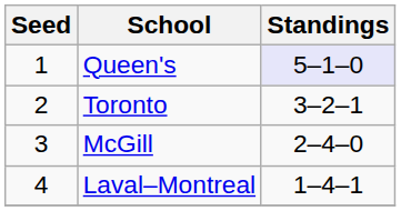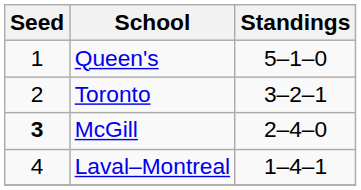 <table class="wikitable">
 <tr>
 <th>Seed</th>
 <th>School</th>
 <th>Standings</th>
 </tr>
 <tr>
 <td align=center>1</td>
 <td><a href='#'>Queen's</a></td>
-<td align=center style="background: lavender;">5–1–0</td>
+<td align=center>5–1–0</td>
 </tr>
 <tr>
 <td align=center>2</td>
 <td><a href='#'>Toronto</a></td>
 <td align=center>3–2–1</td>
 </tr>
 <tr>
-<td align=center>3</td>
+<td align=center><strong>3</strong></td>
 <td><a href='#'>McGill</a></td>
 <td align=center>2–4–0</td>
 </tr>
 <tr>
 <td align=center>4</td>
 <td><a href='#'>Laval–Montreal</a></td>
 <td align=center>1–4–1</td>
 </tr>
 <tr>
 </tr>
 </table>
